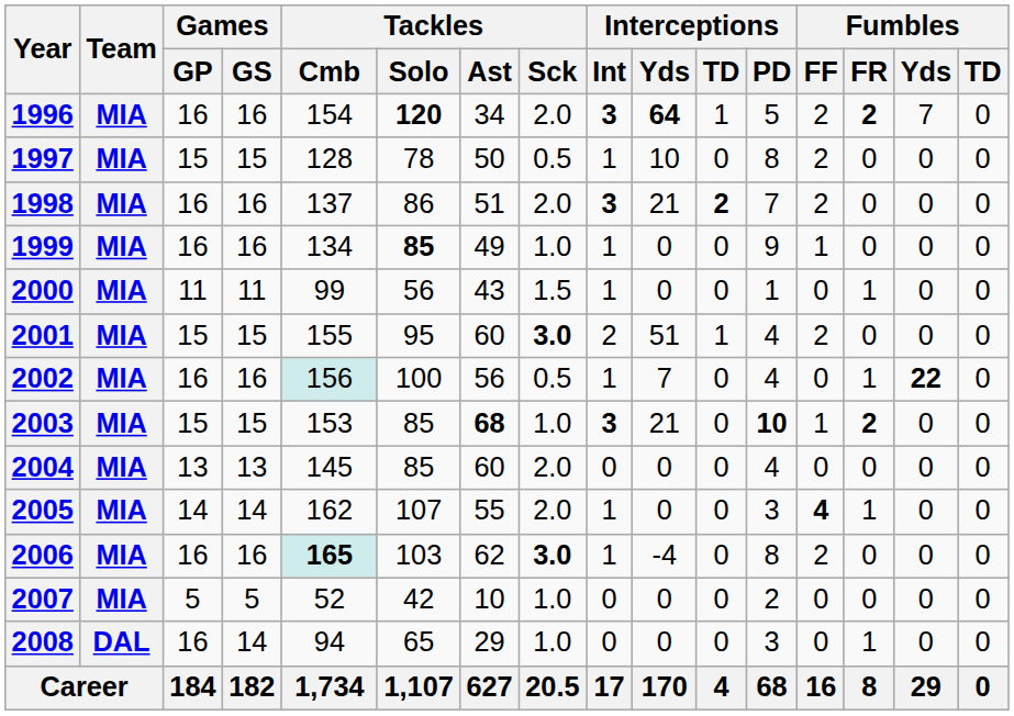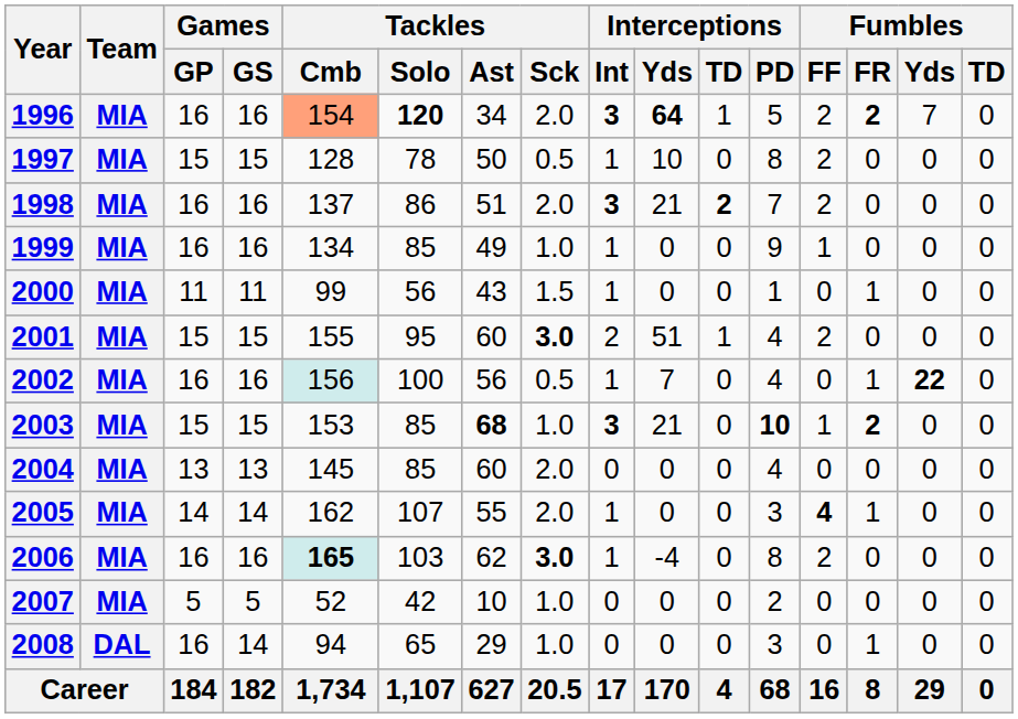 <table class="wikitable" style="text-align: center;">
 <tr>
 <th rowspan="2">Year</th>
 <th rowspan="2">Team</th>
 <th colspan="2">Games</th>
 <th colspan="4">Tackles</th>
 <th colspan="4">Interceptions</th>
 <th colspan="4">Fumbles</th>
 </tr>
 <tr>
 <th>GP</th>
 <th>GS</th>
 <th>Cmb</th>
 <th>Solo</th>
 <th>Ast</th>
 <th>Sck</th>
 <th>Int</th>
 <th>Yds</th>
 <th>TD</th>
 <th>PD</th>
 <th>FF</th>
 <th>FR</th>
 <th>Yds</th>
 <th>TD</th>
 </tr>
 <tr>
 <th><a href='#'>1996</a></th>
 <th><a href='#'>MIA</a></th>
 <td>16</td>
 <td>16</td>
-<td>154</td>
+<td style="background: lightsalmon;">154</td>
 <td><strong>120</strong></td>
 <td>34</td>
 <td>2.0</td>
 <td><strong>3</strong></td>
 <td><strong>64</strong></td>
 <td>1</td>
 <td>5</td>
 <td>2</td>
 <td><strong>2</strong></td>
 <td>7</td>
 <td>0</td>
 </tr>
 <tr>
 <th><a href='#'>1997</a></th>
 <th><a href='#'>MIA</a></th>
 <td>15</td>
 <td>15</td>
 <td>128</td>
 <td>78</td>
 <td>50</td>
 <td>0.5</td>
 <td>1</td>
 <td>10</td>
 <td>0</td>
 <td>8</td>
 <td>2</td>
 <td>0</td>
 <td>0</td>
 <td>0</td>
 </tr>
 <tr>
 <th><a href='#'>1998</a></th>
 <th><a href='#'>MIA</a></th>
 <td>16</td>
 <td>16</td>
 <td>137</td>
 <td>86</td>
 <td>51</td>
 <td>2.0</td>
 <td><strong>3</strong></td>
 <td>21</td>
 <td><strong>2</strong></td>
 <td>7</td>
 <td>2</td>
 <td>0</td>
 <td>0</td>
 <td>0</td>
 </tr>
 <tr>
 <th><a href='#'>1999</a></th>
 <th><a href='#'>MIA</a></th>
 <td>16</td>
 <td>16</td>
 <td>134</td>
-<td><strong>85</strong></td>
+<td>85</td>
 <td>49</td>
 <td>1.0</td>
 <td>1</td>
 <td>0</td>
 <td>0</td>
 <td>9</td>
 <td>1</td>
 <td>0</td>
 <td>0</td>
 <td>0</td>
 </tr>
 <tr>
 <th><a href='#'>2000</a></th>
 <th><a href='#'>MIA</a></th>
 <td>11</td>
 <td>11</td>
 <td>99</td>
 <td>56</td>
 <td>43</td>
 <td>1.5</td>
 <td>1</td>
 <td>0</td>
 <td>0</td>
 <td>1</td>
 <td>0</td>
 <td>1</td>
 <td>0</td>
 <td>0</td>
 </tr>
 <tr>
 <th><a href='#'>2001</a></th>
 <th><a href='#'>MIA</a></th>
 <td>15</td>
 <td>15</td>
 <td>155</td>
 <td>95</td>
 <td>60</td>
 <td><strong>3.0</strong></td>
 <td>2</td>
 <td>51</td>
 <td>1</td>
 <td>4</td>
 <td>2</td>
 <td>0</td>
 <td>0</td>
 <td>0</td>
 </tr>
 <tr>
 <th><a href='#'>2002</a></th>
 <th><a href='#'>MIA</a></th>
 <td>16</td>
 <td>16</td>
 <td style="background:#cfecec; width:3em;">156</td>
 <td>100</td>
 <td>56</td>
 <td>0.5</td>
 <td>1</td>
 <td>7</td>
 <td>0</td>
 <td>4</td>
 <td>0</td>
 <td>1</td>
 <td><strong>22</strong></td>
 <td>0</td>
 </tr>
 <tr>
 <th><a href='#'>2003</a></th>
 <th><a href='#'>MIA</a></th>
 <td>15</td>
 <td>15</td>
 <td>153</td>
 <td>85</td>
 <td><strong>68</strong></td>
 <td>1.0</td>
 <td><strong>3</strong></td>
 <td>21</td>
 <td>0</td>
 <td><strong>10</strong></td>
 <td>1</td>
 <td><strong>2</strong></td>
 <td>0</td>
 <td>0</td>
 </tr>
 <tr>
 <th><a href='#'>2004</a></th>
 <th><a href='#'>MIA</a></th>
 <td>13</td>
 <td>13</td>
 <td>145</td>
 <td>85</td>
 <td>60</td>
 <td>2.0</td>
 <td>0</td>
 <td>0</td>
 <td>0</td>
 <td>4</td>
 <td>0</td>
 <td>0</td>
 <td>0</td>
 <td>0</td>
 </tr>
 <tr>
 <th><a href='#'>2005</a></th>
 <th><a href='#'>MIA</a></th>
 <td>14</td>
 <td>14</td>
 <td>162</td>
 <td>107</td>
 <td>55</td>
 <td>2.0</td>
 <td>1</td>
 <td>0</td>
 <td>0</td>
 <td>3</td>
 <td><strong>4</strong></td>
 <td>1</td>
 <td>0</td>
 <td>0</td>
 </tr>
 <tr>
 <th><a href='#'>2006</a></th>
 <th><a href='#'>MIA</a></th>
 <td>16</td>
 <td>16</td>
 <td style="background:#cfecec; width:3em;"><strong>165</strong></td>
 <td>103</td>
 <td>62</td>
 <td><strong>3.0</strong></td>
 <td>1</td>
 <td>-4</td>
 <td>0</td>
 <td>8</td>
 <td>2</td>
 <td>0</td>
 <td>0</td>
 <td>0</td>
 </tr>
 <tr>
 <th><a href='#'>2007</a></th>
 <th><a href='#'>MIA</a></th>
 <td>5</td>
 <td>5</td>
 <td>52</td>
 <td>42</td>
 <td>10</td>
 <td>1.0</td>
 <td>0</td>
 <td>0</td>
 <td>0</td>
 <td>2</td>
 <td>0</td>
 <td>0</td>
 <td>0</td>
 <td>0</td>
 </tr>
 <tr>
 <th><a href='#'>2008</a></th>
 <th><a href='#'>DAL</a></th>
 <td>16</td>
 <td>14</td>
 <td>94</td>
 <td>65</td>
 <td>29</td>
 <td>1.0</td>
 <td>0</td>
 <td>0</td>
 <td>0</td>
 <td>3</td>
 <td>0</td>
 <td>1</td>
 <td>0</td>
 <td>0</td>
 </tr>
 <tr>
 <th colspan="2">Career</th>
 <th>184</th>
 <th>182</th>
 <th>1,734</th>
 <th>1,107</th>
 <th>627</th>
 <th>20.5</th>
 <th>17</th>
 <th>170</th>
 <th>4</th>
 <th>68</th>
 <th>16</th>
 <th>8</th>
 <th>29</th>
 <th>0</th>
 </tr>
 </table>
